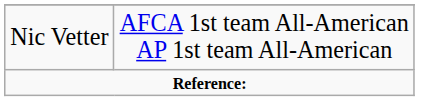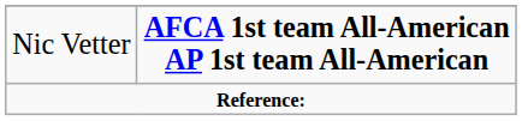 <table class="wikitable sortable sortable" style="text-align: center">
 <tr align=center>
 </tr>
 <tr>
 <td>Nic Vetter</td>
-<td><a href='#'>AFCA</a> 1st team All-American<br><a href='#'>AP</a> 1st team All-American</td>
+<td><strong><a href='#'>AFCA</a> 1st team All-American<br><a href='#'>AP</a> 1st team All-American</strong></td>
 </tr>
 <tr class="sortbottom">
 <td colspan="2"  style="font-size:8pt; text-align:center;"><strong>Reference:</strong></td>
 </tr>
 </table>
